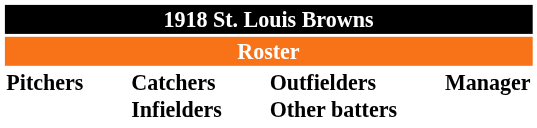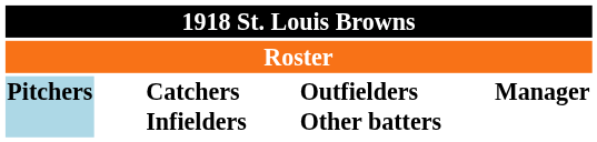 <table class="toccolours" style="font-size: 95%;">
 <tr>
 <th colspan="10" style="background-color: black; color: white; text-align: center;">1918 St. Louis Browns</th>
 </tr>
 <tr>
 <td colspan="10" style="background-color: #F87217; color: white; text-align: center;"><strong>Roster</strong></td>
 </tr>
 <tr>
-<td valign="top"><strong>Pitchers</strong><br>          </td>
+<td valign="top" style="background: lightblue;"><strong>Pitchers</strong><br>          </td>
 <td width="25px"></td>
 <td valign="top"><strong>Catchers</strong><br>   <strong>Infielders</strong>       </td>
 <td width="25px"></td>
 <td valign="top"><strong>Outfielders</strong><br>    <strong>Other batters</strong> </td>
 <td width="25px"></td>
 <td valign="top"><strong>Manager</strong><br>  </td>
 </tr>
 <tr>
 </tr>
 </table>
